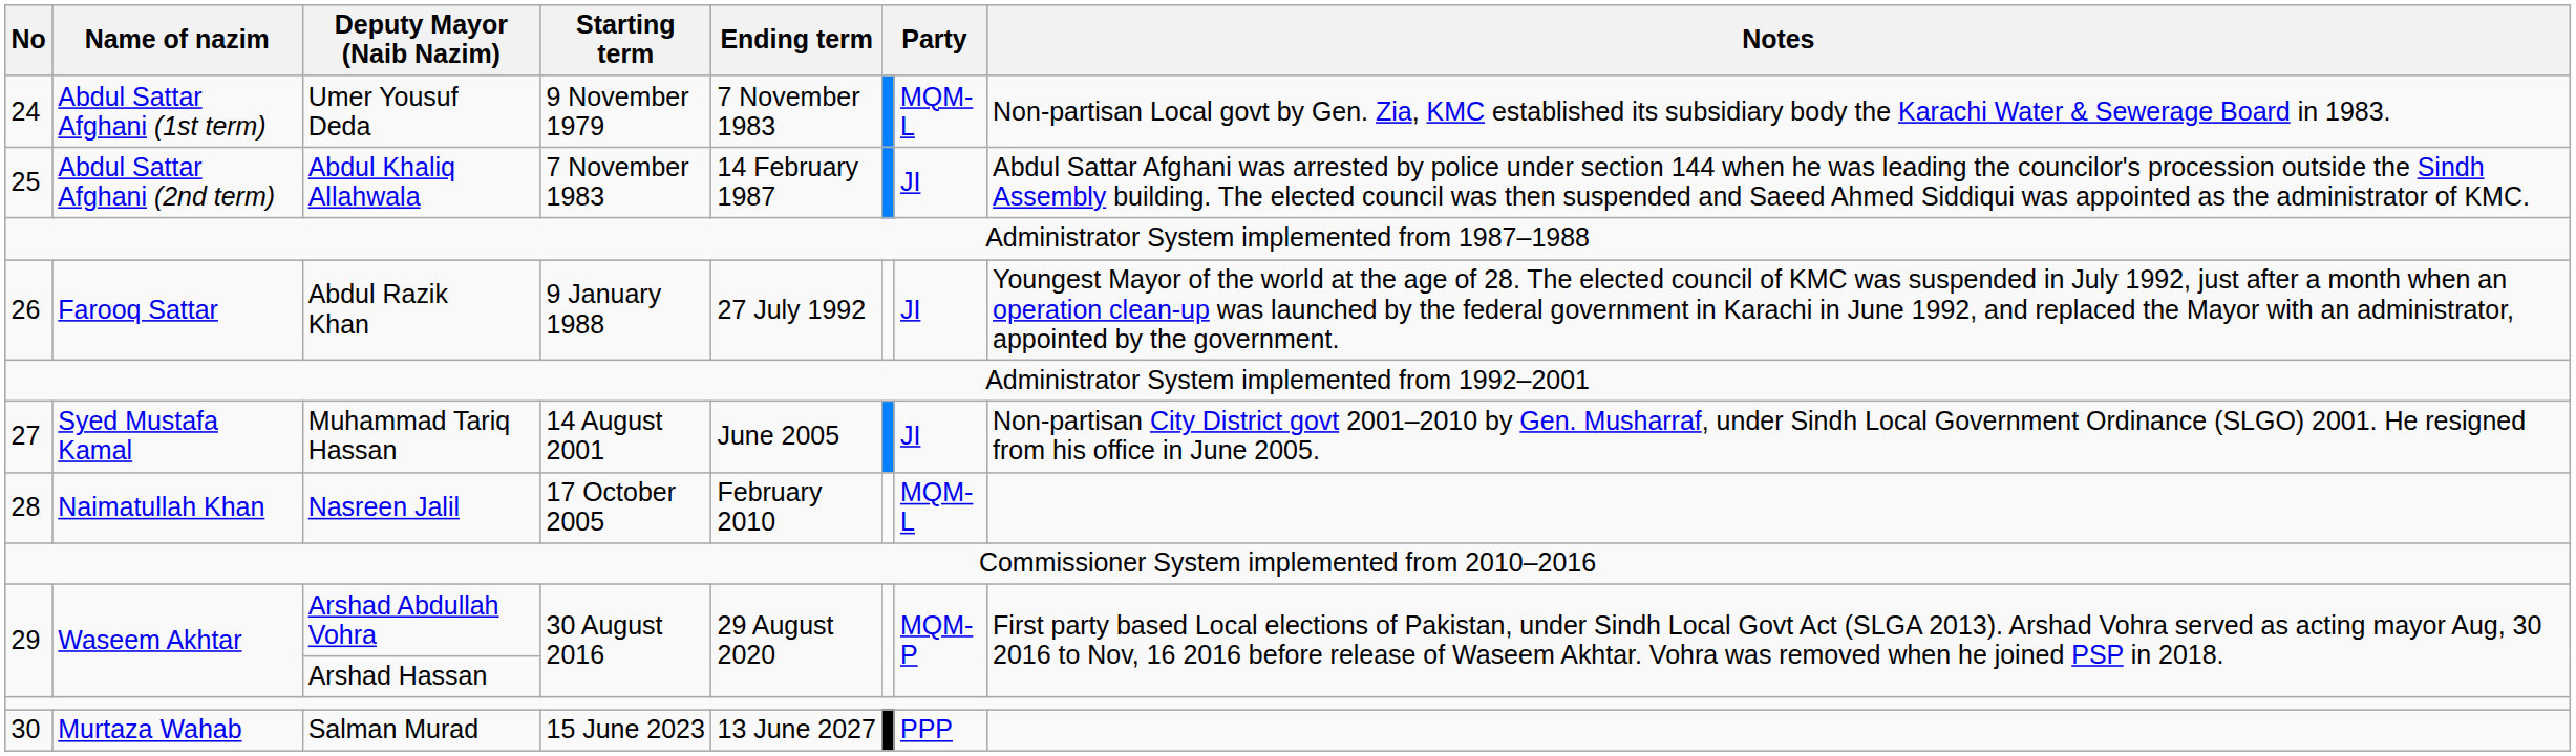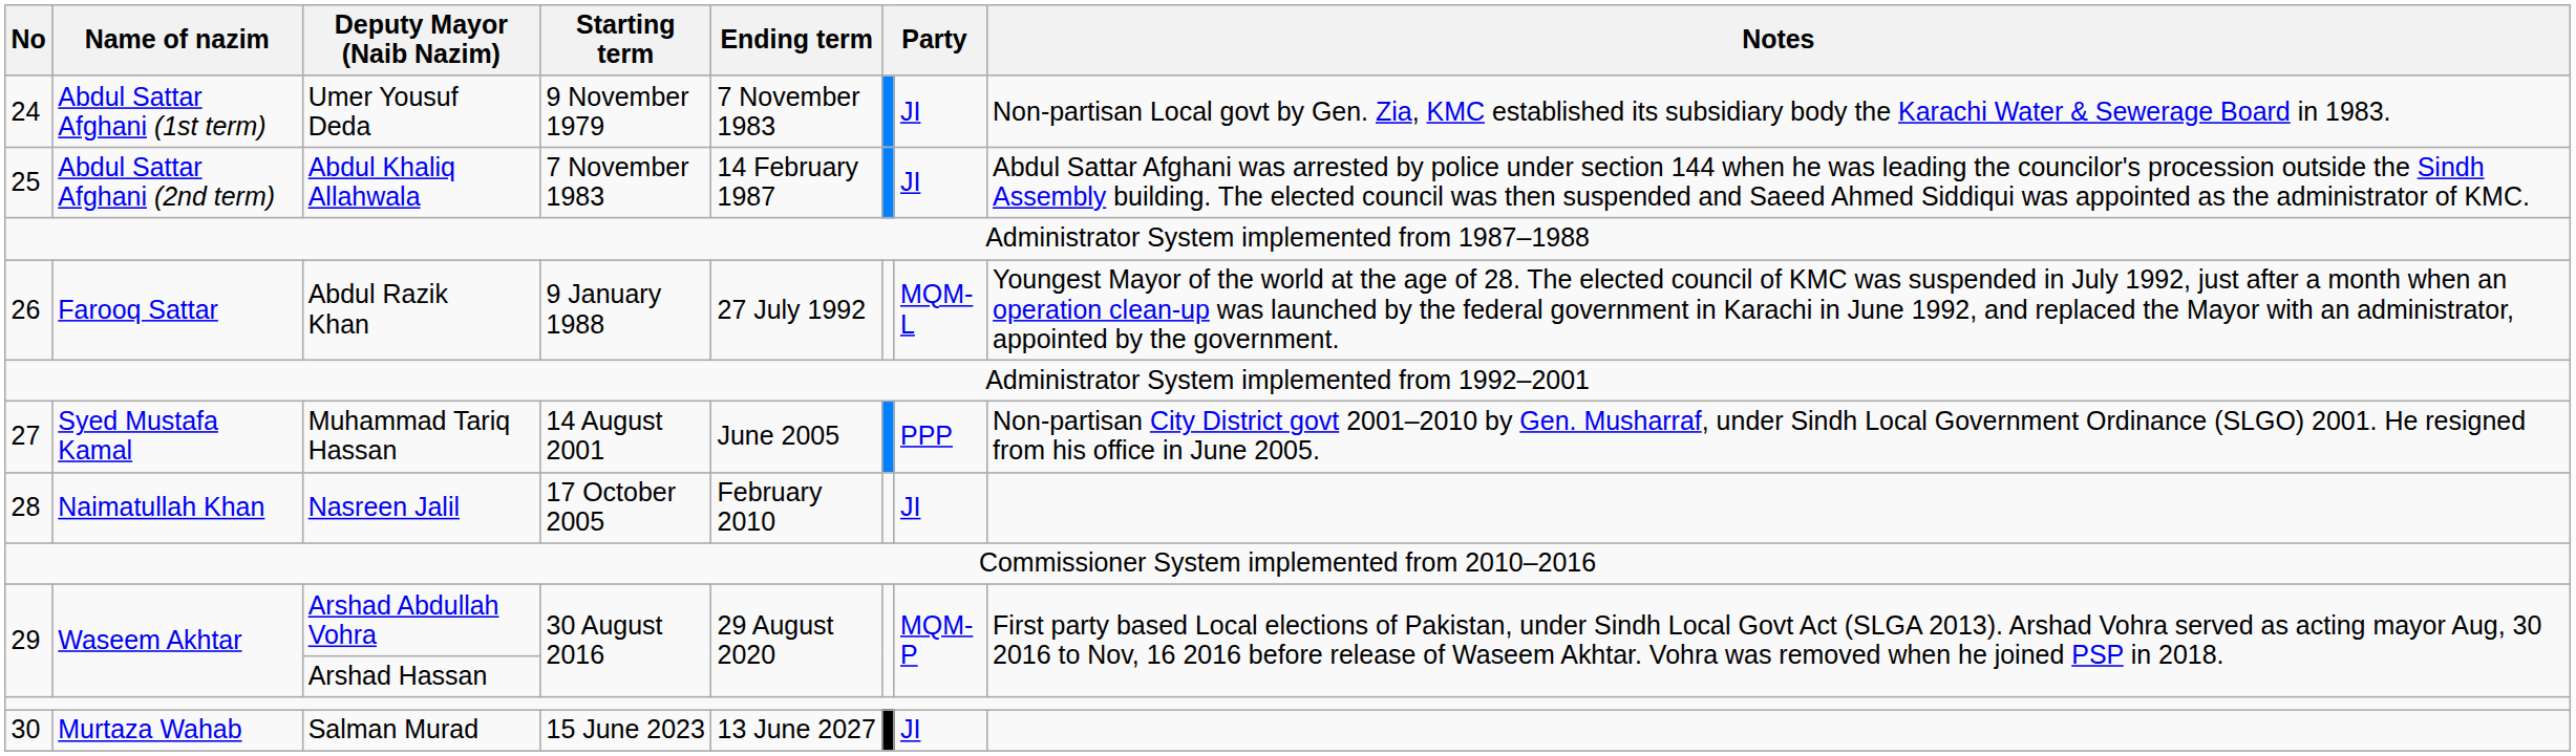 <table class="wikitable">
 <tr>
 <th>No</th>
 <th>Name of nazim</th>
 <th>Deputy Mayor (Naib Nazim)</th>
 <th>Starting term</th>
 <th>Ending term</th>
 <th colspan="2">Party</th>
 <th>Notes</th>
 </tr>
 <tr>
 <td>24</td>
 <td><a href='#'>Abdul Sattar Afghani</a> <em>(1st term)</em></td>
 <td>Umer Yousuf<br>Deda</td>
 <td>9 November 1979</td>
 <td>7 November 1983</td>
 <td bgcolor="#0080ff"></td>
-<td><a href='#'>MQM-L</a></td>
+<td><a href='#'>JI</a></td>
 <td>Non-partisan Local govt by Gen. <a href='#'>Zia</a>, <a href='#'>KMC</a> established its subsidiary body the <a href='#'>Karachi Water &  Sewerage Board</a> in 1983.</td>
 </tr>
 <tr>
 <td>25</td>
 <td><a href='#'>Abdul Sattar Afghani</a> <em>(2nd term)</em></td>
 <td><a href='#'>Abdul Khaliq Allahwala</a></td>
 <td>7 November 1983</td>
 <td>14 February 1987</td>
 <td bgcolor="#0080ff"></td>
 <td><a href='#'>JI</a></td>
 <td>Abdul Sattar Afghani was arrested by police under section 144 when he was leading the councilor's  procession outside the <a href='#'>Sindh Assembly</a> building. The elected council was then suspended and Saeed Ahmed Siddiqui was appointed as the administrator of KMC.</td>
 </tr>
 <tr>
 <td colspan="8" style="text-align:center;">Administrator System implemented from 1987–1988</td>
 </tr>
 <tr>
 <td>26</td>
 <td><a href='#'>Farooq Sattar</a></td>
 <td>Abdul Razik<br>Khan</td>
 <td>9 January 1988</td>
 <td>27 July 1992</td>
 <td></td>
-<td><a href='#'>JI</a></td>
+<td><a href='#'>MQM-L</a></td>
 <td>Youngest Mayor of the world at the age of 28. The elected council of KMC was suspended in July 1992, just after a month when an <a href='#'>operation clean-up</a> was launched by the federal government in Karachi in June 1992, and replaced the Mayor with an administrator, appointed by the government.</td>
 </tr>
 <tr>
 <td colspan="8" style="text-align:center;">Administrator System implemented from 1992–2001</td>
 </tr>
 <tr>
 <td>27</td>
 <td><a href='#'>Syed Mustafa Kamal</a></td>
 <td>Muhammad Tariq Hassan</td>
 <td>14 August 2001</td>
 <td>June 2005</td>
 <td bgcolor="#0080ff"></td>
-<td><a href='#'>JI</a></td>
+<td><a href='#'>PPP</a></td>
 <td>Non-partisan <a href='#'>City District govt</a> 2001–2010 by <a href='#'>Gen. Musharraf</a>, under Sindh Local Government Ordinance (SLGO) 2001. He resigned from his office in June 2005.</td>
 </tr>
 <tr>
 <td>28</td>
 <td><a href='#'>Naimatullah Khan</a></td>
 <td><a href='#'>Nasreen Jalil</a></td>
 <td>17 October 2005</td>
 <td>February 2010</td>
 <td></td>
-<td><a href='#'>MQM-L</a></td>
+<td><a href='#'>JI</a></td>
 <td></td>
 </tr>
 <tr>
 <td colspan="8" style="text-align:center;">Commissioner System implemented from 2010–2016</td>
 </tr>
 <tr>
 <td rowspan="2">29</td>
 <td rowspan="2"><a href='#'>Waseem Akhtar</a></td>
 <td><a href='#'>Arshad Abdullah Vohra</a></td>
 <td rowspan="2">30 August 2016</td>
 <td rowspan="2">29 August 2020</td>
 <td rowspan="2"></td>
 <td rowspan="2"><a href='#'>MQM-P</a></td>
 <td rowspan="2">First party based Local elections of Pakistan, under Sindh Local Govt Act (SLGA 2013). Arshad Vohra served as acting mayor Aug, 30 2016 to Nov, 16 2016 before release of Waseem Akhtar. Vohra was removed when he joined <a href='#'>PSP</a> in 2018.</td>
 </tr>
 <tr>
 <td>Arshad Hassan</td>
 </tr>
 <tr>
 <td colspan="8"></td>
 </tr>
 <tr>
 <td>30</td>
 <td><a href='#'>Murtaza Wahab</a></td>
 <td>Salman Murad</td>
 <td>15 June 2023</td>
 <td>13 June 2027</td>
 <td bgcolor=“#000000”></td>
-<td><a href='#'>PPP</a></td>
+<td><a href='#'>JI</a></td>
 <td></td>
 </tr>
 </table>
